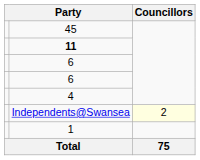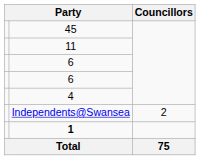 <table class="wikitable">
 <tr>
 <th colspan=2>Party</th>
 <th>Councillors</th>
 </tr>
 <tr>
 <td></td>
 <td align=center>45</td>
 </tr>
 <tr>
 <td></td>
-<td align=center><strong>11</strong></td>
+<td align=center>11</td>
 </tr>
 <tr>
 <td></td>
 <td align=center>6</td>
 </tr>
 <tr>
 <td></td>
 <td align=center>6</td>
 </tr>
 <tr>
 <td></td>
 <td align=center>4</td>
 </tr>
 <tr>
 <td style="background-color:"></td>
 <td><a href='#'>Independents@Swansea</a></td>
-<td align=center style="background: lightyellow;">2</td>
+<td align=center>2</td>
 </tr>
 <tr>
 <td></td>
-<td align=center>1</td>
+<td align=center><strong>1</strong></td>
 </tr>
 <tr>
 <th colspan=2>Total</th>
 <th align=center>75</th>
 </tr>
 </table>
